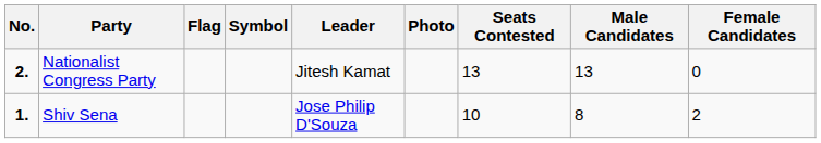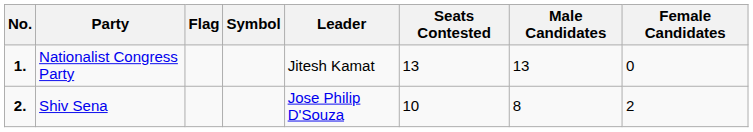 <table class="wikitable"  width="50%">
 <tr>
 <th>No.</th>
 <th>Party</th>
 <th>Flag</th>
 <th>Symbol</th>
 <th>Leader</th>
-<th>Photo</th>
 <th>Seats Contested</th>
 <th><strong>Male Candidates</strong></th>
 <th><strong>Female Candidates</strong></th>
 </tr>
 <tr>
-<td style="text-align:center; background:"><strong>2.</strong></td>
+<td ! style="text-align:center; background:"><strong>1.</strong></td>
 <td><a href='#'>Nationalist Congress Party</a></td>
 <td></td>
 <td></td>
 <td>Jitesh Kamat</td>
-<td></td>
 <td>13</td>
 <td>13</td>
 <td>0</td>
 </tr>
 <tr>
-<td ! style="text-align:center; background:"><strong>1.</strong></td>
+<td style="text-align:center; background:"><strong>2.</strong></td>
 <td><a href='#'>Shiv Sena</a></td>
 <td></td>
 <td></td>
 <td><a href='#'>Jose Philip D'Souza</a></td>
-<td></td>
 <td>10</td>
 <td>8</td>
 <td>2</td>
 </tr>
 </table>
